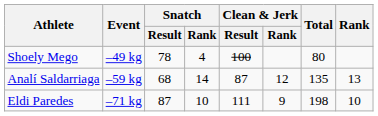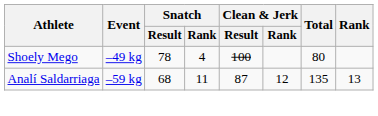 <table class="wikitable" style="font-size:90%">
 <tr>
 <th rowspan=2>Athlete</th>
 <th rowspan=2>Event</th>
 <th colspan="2">Snatch</th>
 <th colspan="2">Clean & Jerk</th>
 <th rowspan="2">Total</th>
 <th rowspan="2">Rank</th>
 </tr>
 <tr style="font-size:95%">
 <th>Result</th>
 <th>Rank</th>
 <th>Result</th>
 <th>Rank</th>
 </tr>
 <tr align=center>
 <td align=left><a href='#'>Shoely Mego</a></td>
 <td align=left><a href='#'>–49 kg</a></td>
 <td>78</td>
 <td>4</td>
 <td><s>100</s></td>
 <td></td>
 <td>80</td>
 <td></td>
 </tr>
 <tr align=center>
 <td align=left><a href='#'>Analí Saldarriaga</a></td>
 <td align=left><a href='#'>–59 kg</a></td>
 <td>68</td>
-<td>14</td>
+<td>11</td>
 <td>87</td>
 <td>12</td>
 <td>135</td>
 <td>13</td>
 </tr>
-<tr align=center>
-<td align=left><a href='#'>Eldi Paredes⁣</a></td>
-<td align=left><a href='#'>–71 kg</a></td>
-<td>87</td>
-<td>10</td>
-<td>111</td>
-<td>9</td>
-<td>198</td>
-<td>10</td>
-</tr>
 </table>
